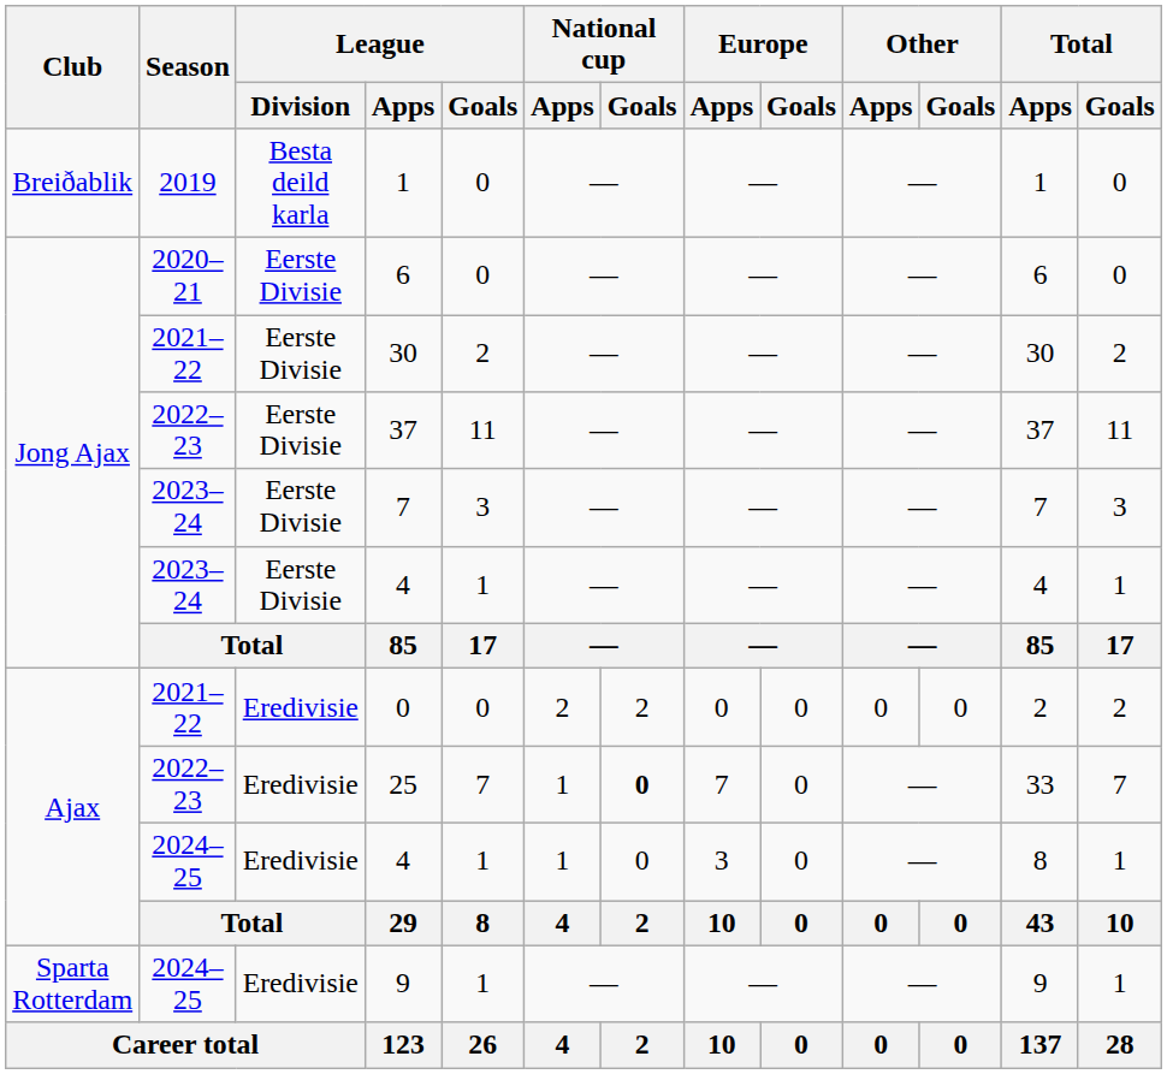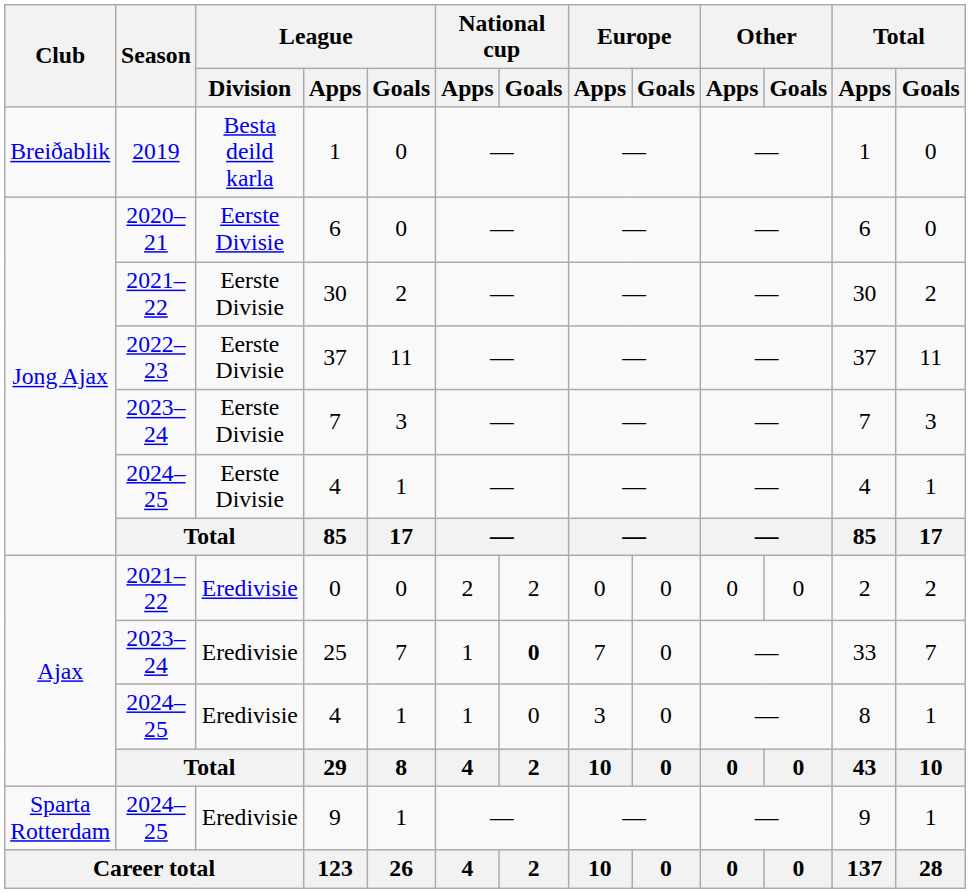 <table class="wikitable" style="text-align:center">
 <tr>
 <th rowspan="2">Club</th>
 <th rowspan="2">Season</th>
 <th colspan="3">League</th>
 <th colspan="2">National cup</th>
 <th colspan="2">Europe</th>
 <th colspan="2">Other</th>
 <th colspan="2">Total</th>
 </tr>
 <tr>
 <th>Division</th>
 <th>Apps</th>
 <th>Goals</th>
 <th>Apps</th>
 <th>Goals</th>
 <th>Apps</th>
 <th>Goals</th>
 <th>Apps</th>
 <th>Goals</th>
 <th>Apps</th>
 <th>Goals</th>
 </tr>
 <tr>
 <td><a href='#'>Breiðablik</a></td>
 <td><a href='#'>2019</a></td>
 <td><a href='#'>Besta deild karla</a></td>
 <td>1</td>
 <td>0</td>
 <td colspan="2">—</td>
 <td colspan="2">—</td>
 <td colspan="2">—</td>
 <td>1</td>
 <td>0</td>
 </tr>
 <tr>
 <td rowspan="6"><a href='#'>Jong Ajax</a></td>
 <td><a href='#'>2020–21</a></td>
 <td><a href='#'>Eerste Divisie</a></td>
 <td>6</td>
 <td>0</td>
 <td colspan="2">—</td>
 <td colspan="2">—</td>
 <td colspan="2">—</td>
 <td>6</td>
 <td>0</td>
 </tr>
 <tr>
 <td><a href='#'>2021–22</a></td>
 <td>Eerste Divisie</td>
 <td>30</td>
 <td>2</td>
 <td colspan="2">—</td>
 <td colspan="2">—</td>
 <td colspan="2">—</td>
 <td>30</td>
 <td>2</td>
 </tr>
 <tr>
 <td><a href='#'>2022–23</a></td>
 <td>Eerste Divisie</td>
 <td>37</td>
 <td>11</td>
 <td colspan="2">—</td>
 <td colspan="2">—</td>
 <td colspan="2">—</td>
 <td>37</td>
 <td>11</td>
 </tr>
 <tr>
 <td><a href='#'>2023–24</a></td>
 <td>Eerste Divisie</td>
 <td>7</td>
 <td>3</td>
 <td colspan="2">—</td>
 <td colspan="2">—</td>
 <td colspan="2">—</td>
 <td>7</td>
 <td>3</td>
 </tr>
 <tr>
-<td><a href='#'>2023–24</a></td>
+<td><a href='#'>2024–25</a></td>
 <td>Eerste Divisie</td>
 <td>4</td>
 <td>1</td>
 <td colspan="2">—</td>
 <td colspan="2">—</td>
 <td colspan="2">—</td>
 <td>4</td>
 <td>1</td>
 </tr>
 <tr>
 <th colspan="2">Total</th>
 <th>85</th>
 <th>17</th>
 <th colspan="2">—</th>
 <th colspan="2">—</th>
 <th colspan="2">—</th>
 <th>85</th>
 <th>17</th>
 </tr>
 <tr>
 <td rowspan="4"><a href='#'>Ajax</a></td>
 <td><a href='#'>2021–22</a></td>
 <td><a href='#'>Eredivisie</a></td>
 <td>0</td>
 <td>0</td>
 <td>2</td>
 <td>2</td>
 <td>0</td>
 <td>0</td>
 <td>0</td>
 <td>0</td>
 <td>2</td>
 <td>2</td>
 </tr>
 <tr>
-<td><a href='#'>2022–23</a></td>
+<td><a href='#'>2023–24</a></td>
 <td>Eredivisie</td>
 <td>25</td>
 <td>7</td>
 <td>1</td>
 <td><strong>0</strong></td>
 <td>7</td>
 <td>0</td>
 <td colspan="2">—</td>
 <td>33</td>
 <td>7</td>
 </tr>
 <tr>
 <td><a href='#'>2024–25</a></td>
 <td>Eredivisie</td>
 <td>4</td>
 <td>1</td>
 <td>1</td>
 <td>0</td>
 <td>3</td>
 <td>0</td>
 <td colspan="2">—</td>
 <td>8</td>
 <td>1</td>
 </tr>
 <tr>
 <th colspan="2">Total</th>
 <th>29</th>
 <th>8</th>
 <th>4</th>
 <th>2</th>
 <th>10</th>
 <th>0</th>
 <th>0</th>
 <th>0</th>
 <th>43</th>
 <th>10</th>
 </tr>
 <tr>
 <td><a href='#'>Sparta Rotterdam</a></td>
 <td><a href='#'>2024–25</a></td>
 <td>Eredivisie</td>
 <td>9</td>
 <td>1</td>
 <td colspan="2">—</td>
 <td colspan="2">—</td>
 <td colspan="2">—</td>
 <td>9</td>
 <td>1</td>
 </tr>
 <tr>
 <th colspan="3">Career total</th>
 <th>123</th>
 <th>26</th>
 <th>4</th>
 <th>2</th>
 <th>10</th>
 <th>0</th>
 <th>0</th>
 <th>0</th>
 <th>137</th>
 <th>28</th>
 </tr>
 </table>
